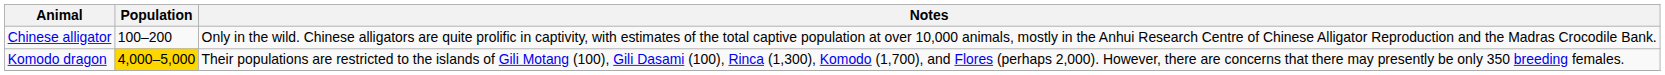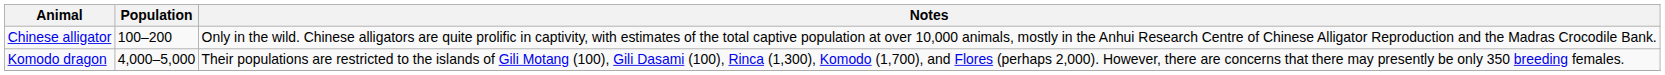 <table class="wikitable">
 <tr>
 <th>Animal</th>
 <th>Population</th>
 <th>Notes</th>
 </tr>
 <tr>
 <td><a href='#'>Chinese alligator</a></td>
 <td>100–200</td>
 <td>Only in the wild. Chinese alligators are quite prolific in captivity, with estimates of the total captive population at over 10,000 animals, mostly in the Anhui Research Centre of Chinese Alligator Reproduction and the Madras Crocodile Bank.</td>
 </tr>
 <tr>
 <td><a href='#'>Komodo dragon</a></td>
-<td style="background: gold;">4,000–5,000</td>
+<td>4,000–5,000</td>
 <td>Their populations are restricted to the islands of <a href='#'>Gili Motang</a> (100), <a href='#'>Gili Dasami</a> (100), <a href='#'>Rinca</a> (1,300), <a href='#'>Komodo</a> (1,700), and <a href='#'>Flores</a> (perhaps 2,000). However, there are concerns that there may presently be only 350 <a href='#'>breeding</a> females.</td>
 </tr>
 <tr>
 </tr>
 </table>
